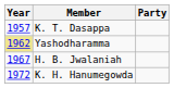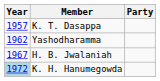 <table class="wikitable sortable">
 <tr>
 <th>Year</th>
 <th>Member</th>
 <th colspan="2">Party</th>
 </tr>
 <tr>
 <td><a href='#'>1957</a></td>
 <td>K. T. Dasappa</td>
 <td></td>
 </tr>
 <tr>
-<td style="background: khaki;"><a href='#'>1962</a></td>
+<td><a href='#'>1962</a></td>
 <td>Yashodharamma</td>
 <td></td>
 </tr>
 <tr>
 <td><a href='#'>1967</a></td>
 <td>H. B. Jwalaniah</td>
 <td></td>
 </tr>
 <tr>
-<td><a href='#'>1972</a></td>
+<td style="background: lightblue;"><a href='#'>1972</a></td>
 <td>K. H. Hanumegowda</td>
 <td></td>
 </tr>
 </table>
